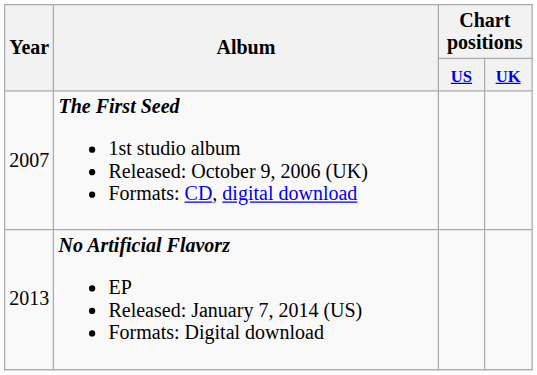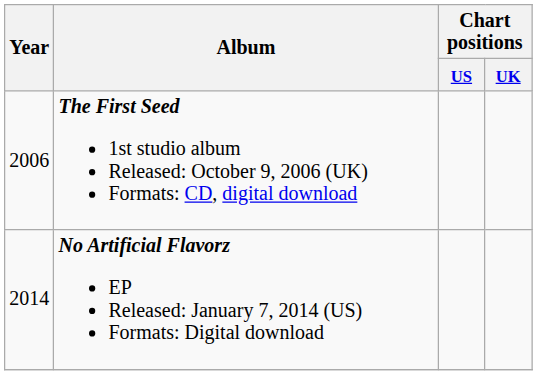 <table class="wikitable">
 <tr>
 <th width="20" rowspan="2">Year</th>
 <th width="300" rowspan="2">Album</th>
 <th colspan="10">Chart positions</th>
 </tr>
 <tr>
 <th width="30"><small><strong><a href='#'>US</a></strong></small></th>
 <th width="30"><small><strong><a href='#'>UK</a></strong></small></th>
 </tr>
 <tr>
-<td>2007</td>
+<td>2006</td>
 <td><strong><em>The First Seed</em></strong><br><ul><li>1st studio album</li><li>Released: October 9, 2006 (UK)</li><li>Formats: <a href='#'>CD</a>, <a href='#'>digital download</a></li></ul></td>
 <td></td>
 <td></td>
 </tr>
 <tr>
-<td>2013</td>
+<td>2014</td>
 <td><strong><em>No Artificial Flavorz</em></strong><br><ul><li>EP</li><li>Released: January 7, 2014 (US)</li><li>Formats: Digital download</li></ul></td>
 <td></td>
 <td></td>
 </tr>
 <tr>
 </tr>
 </table>
